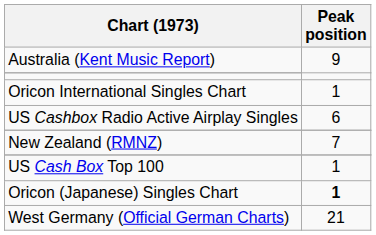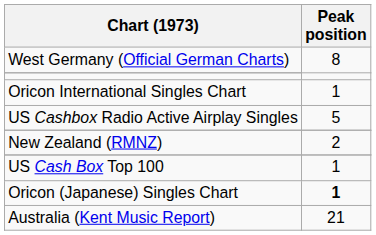 <table class="wikitable sortable">
 <tr>
 <th>Chart (1973)</th>
 <th>Peak<br>position</th>
 </tr>
 <tr>
-<td>Australia (<a href='#'>Kent Music Report</a>)</td>
-<td style="text-align:center;">9</td>
+<td>West Germany (<a href='#'>Official German Charts</a>)</td>
+<td style="text-align:center;">8</td>
 </tr>
 <tr>
 </tr>
 <tr>
 </tr>
 <tr>
 </tr>
 <tr>
 </tr>
 <tr>
 <td></td>
 </tr>
 <tr>
 <td>Oricon International Singles Chart</td>
 <td style="text-align:center;">1</td>
 </tr>
 <tr>
 <td>US <em>Cashbox</em> Radio Active Airplay Singles</td>
-<td style="text-align:center;">6</td>
+<td style="text-align:center;">5</td>
 </tr>
 <tr>
 </tr>
 <tr>
 </tr>
 <tr>
 <td>New Zealand (<a href='#'>RMNZ</a>)</td>
-<td style="text-align:center;">7</td>
+<td style="text-align:center;">2</td>
 </tr>
 <tr>
 </tr>
 <tr>
 </tr>
 <tr>
 </tr>
 <tr>
 </tr>
 <tr>
 <td>US <a href='#'><em>Cash Box</em></a> Top 100</td>
 <td style="text-align:center;">1</td>
 </tr>
 <tr>
 <td>Oricon (Japanese) Singles Chart</td>
 <td style="text-align:center;"><strong>1</strong></td>
 </tr>
 <tr>
-<td>West Germany (<a href='#'>Official German Charts</a>)</td>
+<td>Australia (<a href='#'>Kent Music Report</a>)</td>
 <td align="center">21</td>
 </tr>
 </table>
